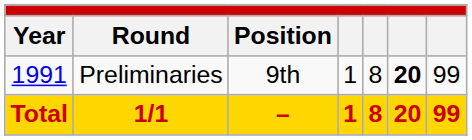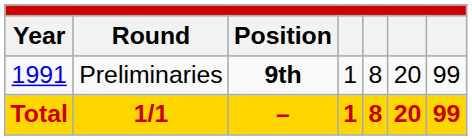 <table class="wikitable" style="text-align: center;">
 <tr>
 <th style="background:#CC0000;" colspan="7"><a href='#'></a></th>
 </tr>
 <tr>
 <th>Year</th>
 <th>Round</th>
 <th>Position</th>
 <th></th>
 <th></th>
 <th></th>
 <th></th>
 </tr>
 <tr>
 <td> <a href='#'>1991</a></td>
 <td>Preliminaries</td>
-<td>9th</td>
+<td><strong>9th</strong></td>
 <td>1</td>
 <td>8</td>
-<td><strong>20</strong></td>
+<td>20</td>
 <td>99</td>
 </tr>
 <tr>
 <th style="color:#CC0000; background:#FFD700;">Total</th>
 <th style="color:#CC0000; background:#FFD700;">1/1</th>
 <th style="color:#CC0000; background:#FFD700;">–</th>
 <th style="color:#CC0000; background:#FFD700;">1</th>
 <th style="color:#CC0000; background:#FFD700;">8</th>
 <th style="color:#CC0000; background:#FFD700;">20</th>
 <th style="color:#CC0000; background:#FFD700;">99</th>
 </tr>
 </table>
